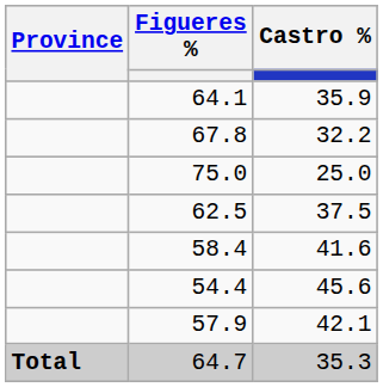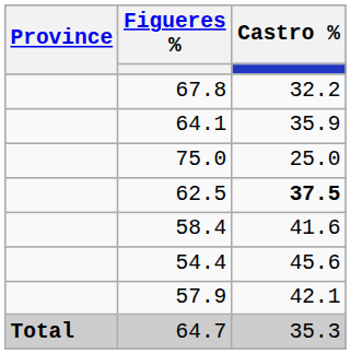 <table class="wikitable sortable" style="text-align:right; font-size:95%">
 <tr>
 <th rowspan=2><a href='#'>Province</a></th>
 <th width=60px><a href='#'>Figueres</a> %</th>
 <th width=60px>Castro %</th>
 </tr>
 <tr>
 <th style="background:"></th>
 <th style="background:#2136C2"></th>
 </tr>
 <tr>
 <td align="left"></td>
-<td style="background:">64.1</td>
-<td>35.9</td>
+<td style="background:">67.8</td>
+<td>32.2</td>
 </tr>
 <tr>
 <td align="left"></td>
-<td style="background:">67.8</td>
-<td>32.2</td>
+<td style="background:">64.1</td>
+<td>35.9</td>
 </tr>
 <tr>
 <td align="left"></td>
 <td style="background:">75.0</td>
 <td>25.0</td>
 </tr>
 <tr>
 <td align="left"></td>
 <td style="background:">62.5</td>
-<td>37.5</td>
+<td><strong>37.5</strong></td>
 </tr>
 <tr>
 <td align="left"></td>
 <td style="background:">58.4</td>
 <td>41.6</td>
 </tr>
 <tr>
 <td align="left"></td>
 <td style="background:">54.4</td>
 <td>45.6</td>
 </tr>
 <tr>
 <td align="left"></td>
 <td style="background:">57.9</td>
 <td>42.1</td>
 </tr>
 <tr style="background:#CDCDCD;">
 <td align="left"><strong>Total</strong></td>
 <td style="background:">64.7</td>
 <td>35.3</td>
 </tr>
 </table>
